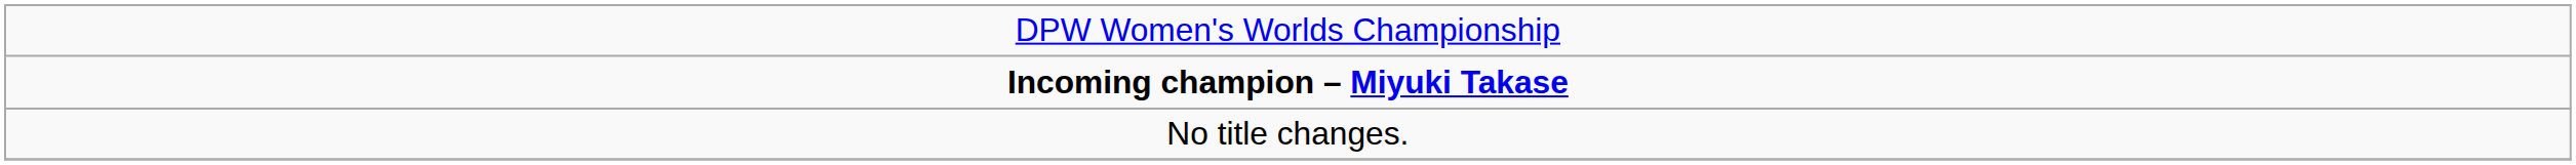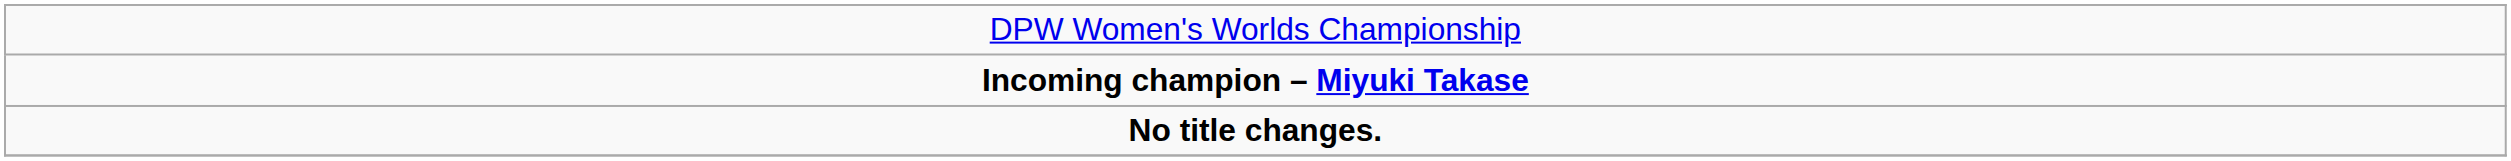 <table class="wikitable" style="text-align:center; width:100%;">
 <tr>
 <td colspan="4" style="text-align: center;"><a href='#'>DPW Women's Worlds Championship</a></td>
 </tr>
 <tr>
 <td colspan="4" style="text-align: center;"><strong>Incoming champion – <a href='#'>Miyuki Takase</a></strong></td>
 </tr>
 <tr>
-<td>No title changes.</td>
+<td><strong>No title changes.</strong></td>
 </tr>
 <tr>
 </tr>
 </table>
